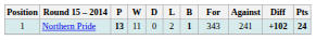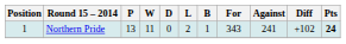 <table class="wikitable" style="text-align:center; font-size:85%;">
 <tr>
 <th width=40 abbr="Position">Position</th>
 <th width=100>Round 15 – 2014</th>
 <th width=20 abbr="Played">P</th>
 <th width=20 abbr="Won">W</th>
 <th width=20 abbr="Drawn">D</th>
 <th width=20 abbr="Lost">L</th>
 <th width=20 abbr="Bye">B</th>
 <th width=40 abbr="Points for">For</th>
 <th width=40 abbr="Points against">Against</th>
 <th width=40 abbr="Points difference">Diff</th>
 <th width=20 abbr="Points">Pts</th>
 </tr>
 <tr style="background: #d7ebed;">
 <td>1</td>
 <td style="text-align:left;"> <a href='#'>Northern Pride</a></td>
-<td><strong>13</strong></td>
+<td>13</td>
 <td>11</td>
 <td>0</td>
 <td>2</td>
-<td><strong>1</strong></td>
+<td>1</td>
 <td>343</td>
 <td>241</td>
-<td><strong>+102</strong></td>
+<td>+102</td>
 <td><strong>24</strong></td>
 </tr>
 <tr>
 </tr>
 </table>
